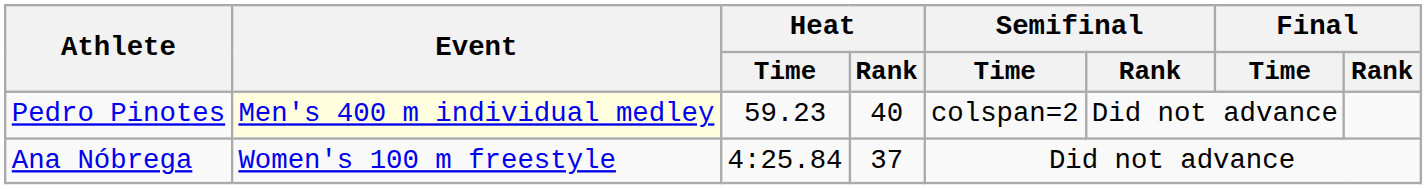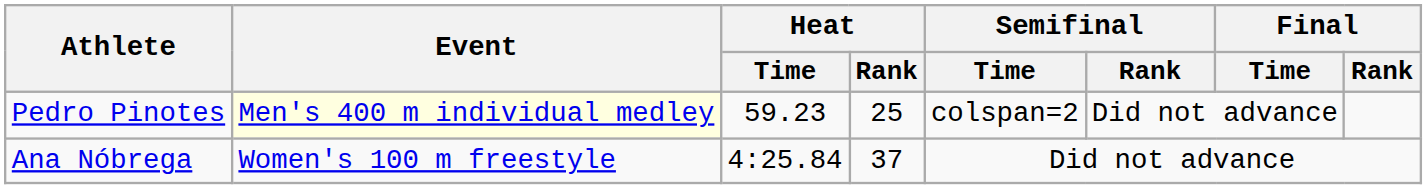 <table class=wikitable style="font-size:90%">
 <tr>
 <th rowspan="2">Athlete</th>
 <th rowspan="2">Event</th>
 <th colspan="2">Heat</th>
 <th colspan="2">Semifinal</th>
 <th colspan="2">Final</th>
 </tr>
 <tr style="font-size:95%">
 <th>Time</th>
 <th>Rank</th>
 <th>Time</th>
 <th>Rank</th>
 <th>Time</th>
 <th>Rank</th>
 </tr>
 <tr align=center>
 <td align=left><a href='#'>Pedro Pinotes</a></td>
 <td align=left style="background: lightyellow;"><a href='#'>Men's 400 m individual medley</a></td>
 <td>59.23</td>
-<td>40</td>
+<td>25</td>
 <td>colspan=2 </td>
 <td colspan=2>Did not advance</td>
 </tr>
 <tr align=center>
 <td align=left><a href='#'>Ana Nóbrega</a></td>
 <td align=left><a href='#'>Women's 100 m freestyle</a></td>
 <td>4:25.84</td>
 <td>37</td>
 <td colspan=4>Did not advance</td>
 </tr>
 </table>
